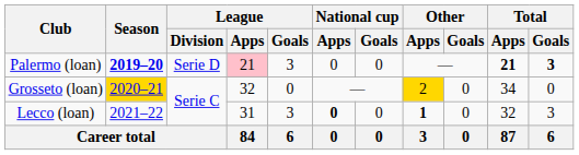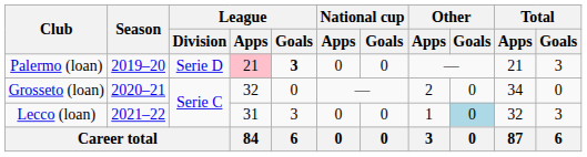 <table class="wikitable" style="text-align: center;">
 <tr>
 <th rowspan="2">Club</th>
 <th rowspan="2">Season</th>
 <th colspan="3">League</th>
 <th colspan="2">National cup</th>
 <th colspan="2">Other</th>
 <th colspan="2">Total</th>
 </tr>
 <tr>
 <th>Division</th>
 <th>Apps</th>
 <th>Goals</th>
 <th>Apps</th>
 <th>Goals</th>
 <th>Apps</th>
 <th>Goals</th>
 <th>Apps</th>
 <th>Goals</th>
 </tr>
 <tr>
 <td><a href='#'>Palermo</a> (loan)</td>
-<td><strong><a href='#'>2019–20</a></strong></td>
+<td><a href='#'>2019–20</a></td>
 <td><a href='#'>Serie D</a></td>
 <td style="background: pink;">21</td>
-<td>3</td>
+<td><strong>3</strong></td>
 <td>0</td>
 <td>0</td>
 <td colspan="2">—</td>
-<td><strong>21</strong></td>
-<td><strong>3</strong></td>
+<td>21</td>
+<td>3</td>
 </tr>
 <tr>
 <td><a href='#'>Grosseto</a> (loan)</td>
-<td style="background: gold;"><a href='#'>2020–21</a></td>
+<td><a href='#'>2020–21</a></td>
 <td rowspan="2"><a href='#'>Serie C</a></td>
 <td>32</td>
 <td>0</td>
 <td colspan="2">—</td>
-<td style="background: gold;">2</td>
+<td>2</td>
 <td>0</td>
 <td>34</td>
 <td>0</td>
 </tr>
 <tr>
 <td><a href='#'>Lecco</a> (loan)</td>
 <td><a href='#'>2021–22</a></td>
 <td>31</td>
 <td>3</td>
-<td><strong>0</strong></td>
+<td>0</td>
 <td 0>0</td>
-<td><strong>1</strong></td>
-<td>0</td>
+<td>1</td>
+<td style="background: lightblue;">0</td>
 <td>32</td>
 <td>3</td>
 </tr>
 <tr>
 <th colspan="3">Career total</th>
 <th>84</th>
 <th>6</th>
 <th>0</th>
 <th>0</th>
 <th>3</th>
 <th>0</th>
 <th>87</th>
 <th>6</th>
 </tr>
 </table>
